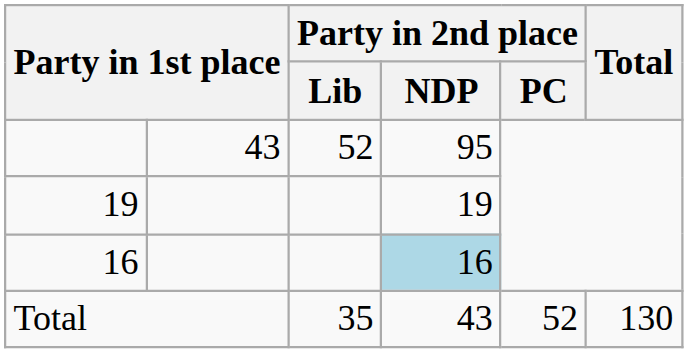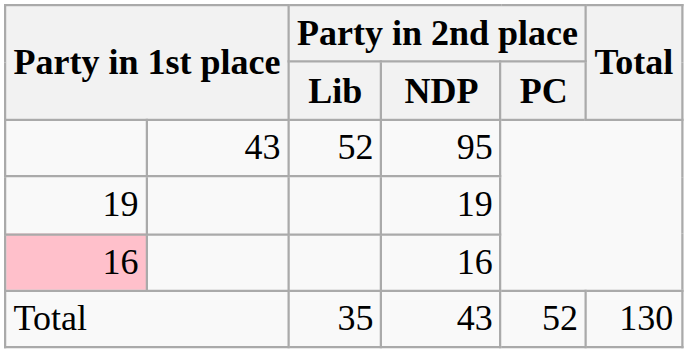 <table class="wikitable" style="text-align:right;">
 <tr>
 <th rowspan="2" colspan="2" style="text-align:left;">Party in 1st place</th>
 <th colspan="3">Party in 2nd place</th>
 <th rowspan="2">Total</th>
 </tr>
 <tr>
 <th>Lib</th>
 <th>NDP</th>
 <th>PC</th>
 </tr>
 <tr>
 <td></td>
 <td>43</td>
 <td>52</td>
 <td>95</td>
 </tr>
 <tr>
 <td>19</td>
 <td></td>
 <td></td>
 <td>19</td>
 </tr>
 <tr>
-<td>16</td>
+<td style="background: pink;">16</td>
 <td></td>
 <td></td>
-<td style="background: lightblue;">16</td>
+<td>16</td>
 </tr>
 <tr>
 <td colspan="2" style="text-align:left;">Total</td>
 <td>35</td>
 <td>43</td>
 <td>52</td>
 <td>130</td>
 </tr>
 </table>
